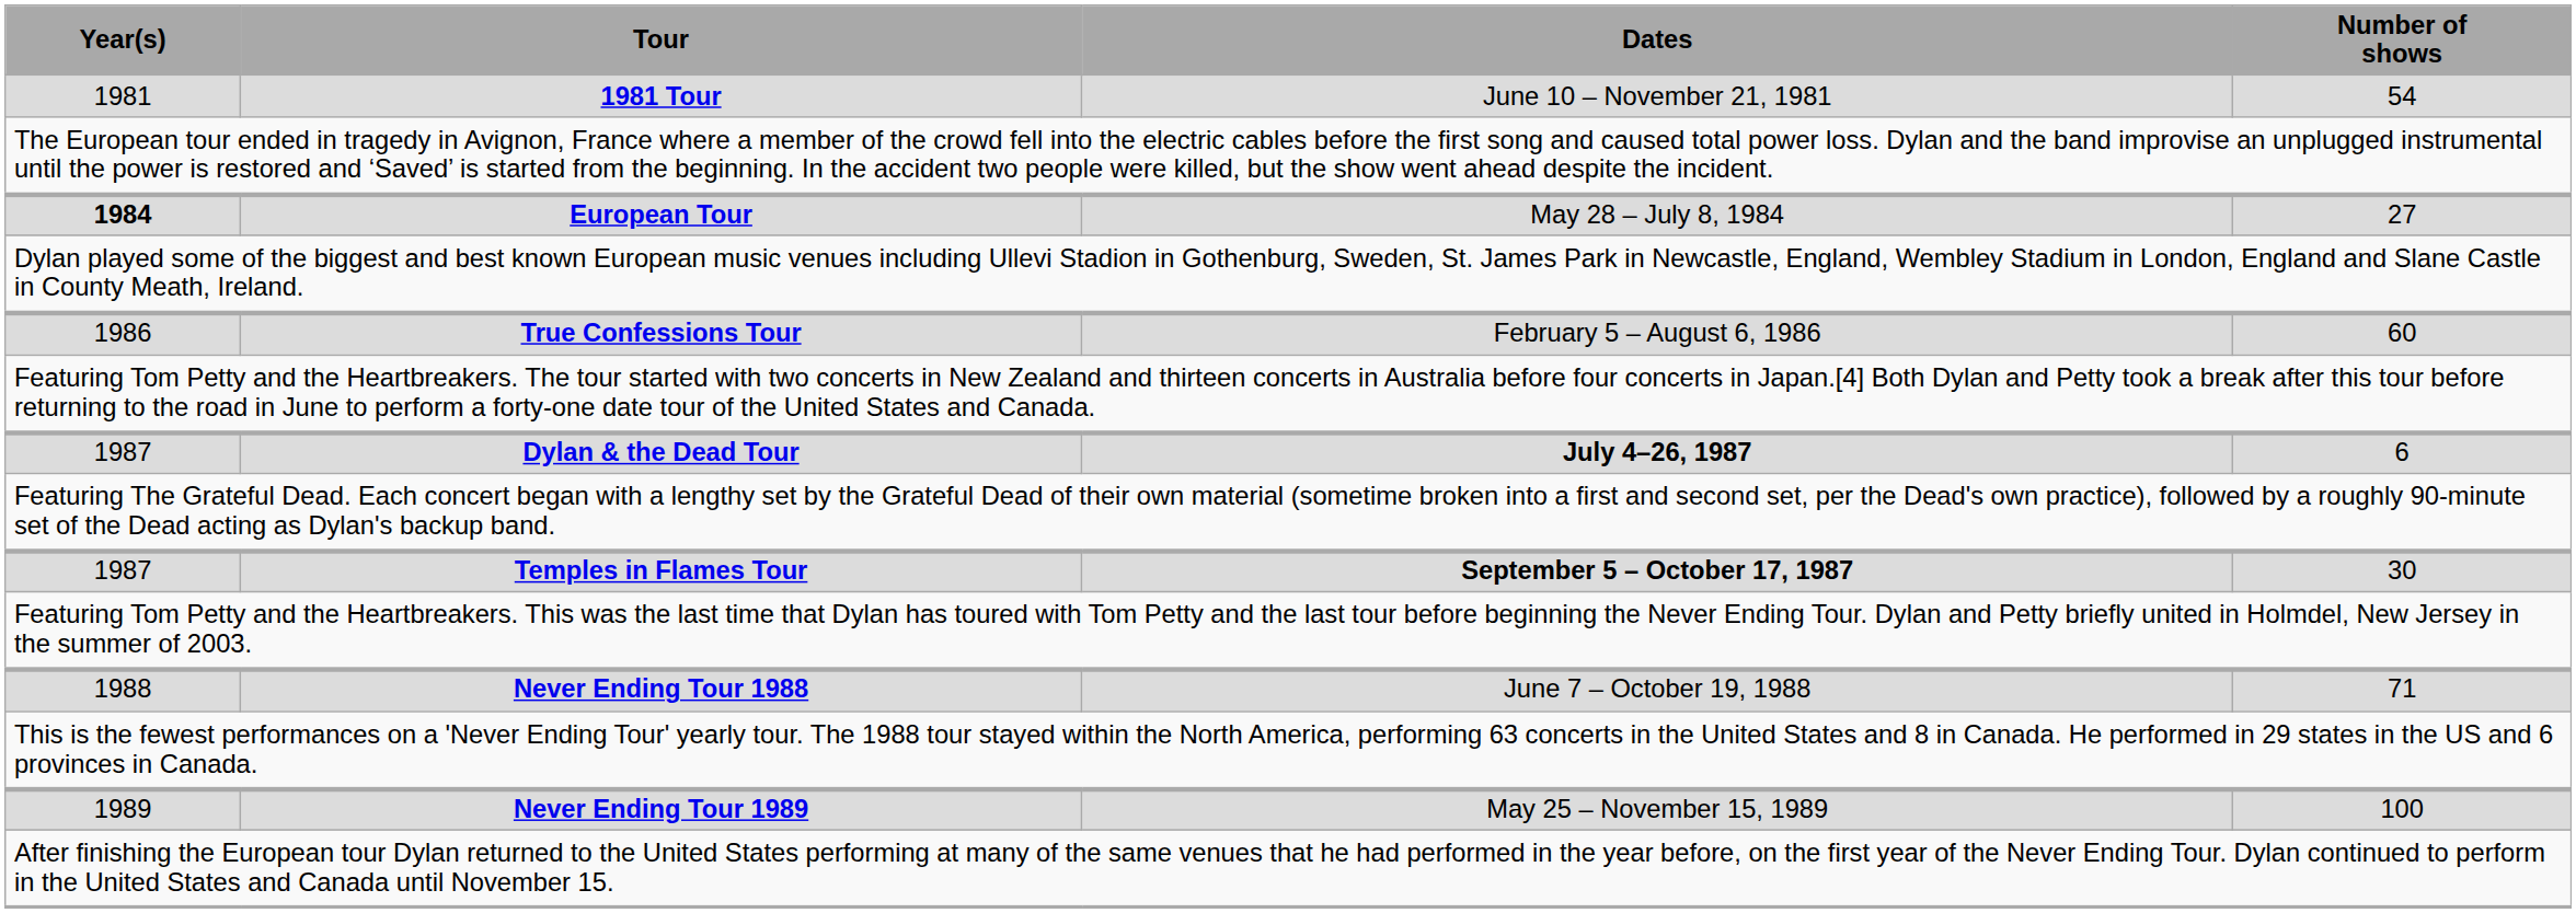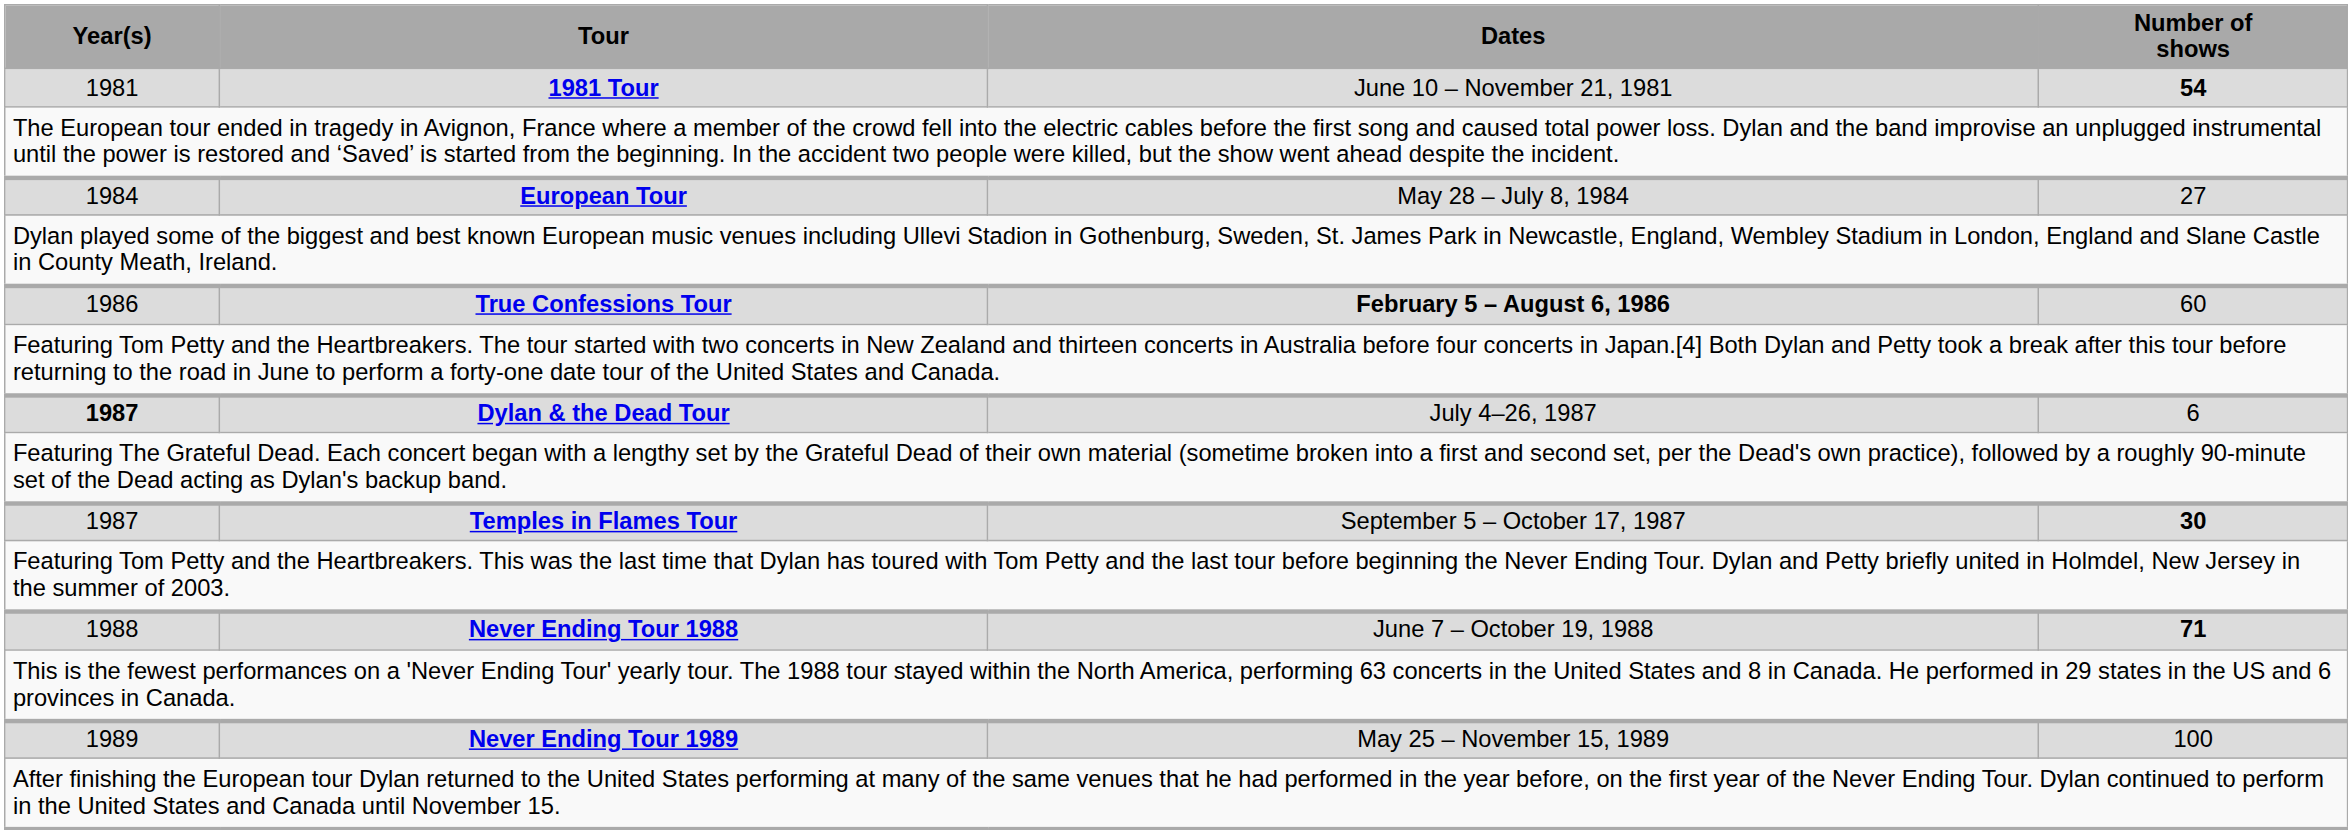 <table class="wikitable" style="width:100%; text-align:center;">
 <tr>
 <th style="width:40px; background:darkGrey;">Year(s)</th>
 <th style="width:210px; background:darkGrey;">Tour</th>
 <th style="width:290px; background:darkGrey;">Dates</th>
 <th style="width:80px; background:darkGrey;">Number of<br>shows<br></th>
 </tr>
 <tr style="background:#DCDCDC;">
 <td>1981</td>
 <td><strong><a href='#'>1981 Tour</a></strong></td>
 <td>June 10 – November 21, 1981</td>
-<td>54</td>
+<td><strong>54</strong></td>
 </tr>
 <tr>
 <td colspan="5" style="border-bottom-width:3px; padding:5px; text-align:left;">The European tour ended in tragedy in Avignon, France where a member of the crowd fell into the electric cables before the first song and caused total power loss. Dylan and the band improvise an unplugged instrumental until the power is restored and ‘Saved’ is started from the beginning. In the accident two people were killed, but the show went ahead despite the incident.</td>
 </tr>
 <tr>
 </tr>
 <tr style="background:#DCDCDC;">
-<td><strong>1984</strong></td>
+<td>1984</td>
 <td><strong><a href='#'>European Tour</a></strong></td>
 <td>May 28 – July 8, 1984</td>
 <td>27</td>
 </tr>
 <tr>
 <td colspan="5" style="border-bottom-width:3px; padding:5px; text-align:left;">Dylan played some of the biggest and best known European music venues including Ullevi Stadion in Gothenburg, Sweden, St. James Park in Newcastle, England, Wembley Stadium in London, England and Slane Castle in County Meath, Ireland.</td>
 </tr>
 <tr>
 </tr>
 <tr style="background:#DCDCDC;">
 <td>1986</td>
 <td><strong><a href='#'>True Confessions Tour</a></strong></td>
-<td>February 5 – August 6, 1986</td>
+<td><strong>February 5 – August 6, 1986</strong></td>
 <td>60</td>
 </tr>
 <tr>
 <td colspan="5" style="border-bottom-width:3px; padding:5px; text-align:left;">Featuring Tom Petty and the Heartbreakers. The tour started with two concerts in New Zealand and thirteen concerts in Australia before four concerts in Japan.[4] Both Dylan and Petty took a break after this tour before returning to the road in June to perform a forty-one date tour of the United States and Canada.</td>
 </tr>
 <tr>
 </tr>
 <tr style="background:#DCDCDC;">
-<td>1987</td>
+<td><strong>1987</strong></td>
 <td><strong><a href='#'>Dylan & the Dead Tour</a></strong></td>
-<td><strong>July 4–26, 1987</strong></td>
+<td>July 4–26, 1987</td>
 <td>6</td>
 </tr>
 <tr>
 <td colspan="5" style="border-bottom-width:3px; padding:5px; text-align:left;">Featuring The Grateful Dead. Each concert began with a lengthy set by the Grateful Dead of their own material (sometime broken into a first and second set, per the Dead's own practice), followed by a roughly 90-minute set of the Dead acting as Dylan's backup band.</td>
 </tr>
 <tr>
 </tr>
 <tr style="background:#DCDCDC;">
 <td>1987</td>
 <td><strong><a href='#'>Temples in Flames Tour</a></strong></td>
-<td><strong>September 5 – October 17, 1987</strong></td>
-<td>30</td>
+<td>September 5 – October 17, 1987</td>
+<td><strong>30</strong></td>
 </tr>
 <tr>
 <td colspan="5" style="border-bottom-width:3px; padding:5px; text-align:left;">Featuring Tom Petty and the Heartbreakers. This was the last time that Dylan has toured with Tom Petty and the last tour before beginning the Never Ending Tour. Dylan and Petty briefly united in Holmdel, New Jersey in the summer of 2003.</td>
 </tr>
 <tr>
 </tr>
 <tr style="background:#DCDCDC;">
 <td>1988</td>
 <td><strong><a href='#'>Never Ending Tour 1988</a></strong></td>
 <td>June 7 – October 19, 1988</td>
-<td>71</td>
+<td><strong>71</strong></td>
 </tr>
 <tr>
 <td colspan="5" style="border-bottom-width:3px; padding:5px; text-align:left;">This is the fewest performances on a 'Never Ending Tour' yearly tour. The 1988 tour stayed within the North America, performing 63 concerts in the United States and 8 in Canada. He performed in 29 states in the US and 6 provinces in Canada.</td>
 </tr>
 <tr>
 </tr>
 <tr style="background:#DCDCDC;">
 <td>1989</td>
 <td><strong><a href='#'>Never Ending Tour 1989</a></strong></td>
 <td>May 25 – November 15, 1989</td>
 <td>100</td>
 </tr>
 <tr>
 <td colspan="5" style="border-bottom-width:3px; padding:5px; text-align:left;">After finishing the European tour Dylan returned to the United States performing at many of the same venues that he had performed in the year before, on the first year of the Never Ending Tour. Dylan continued to perform in the United States and Canada until November 15.</td>
 </tr>
 <tr>
 </tr>
 </table>
